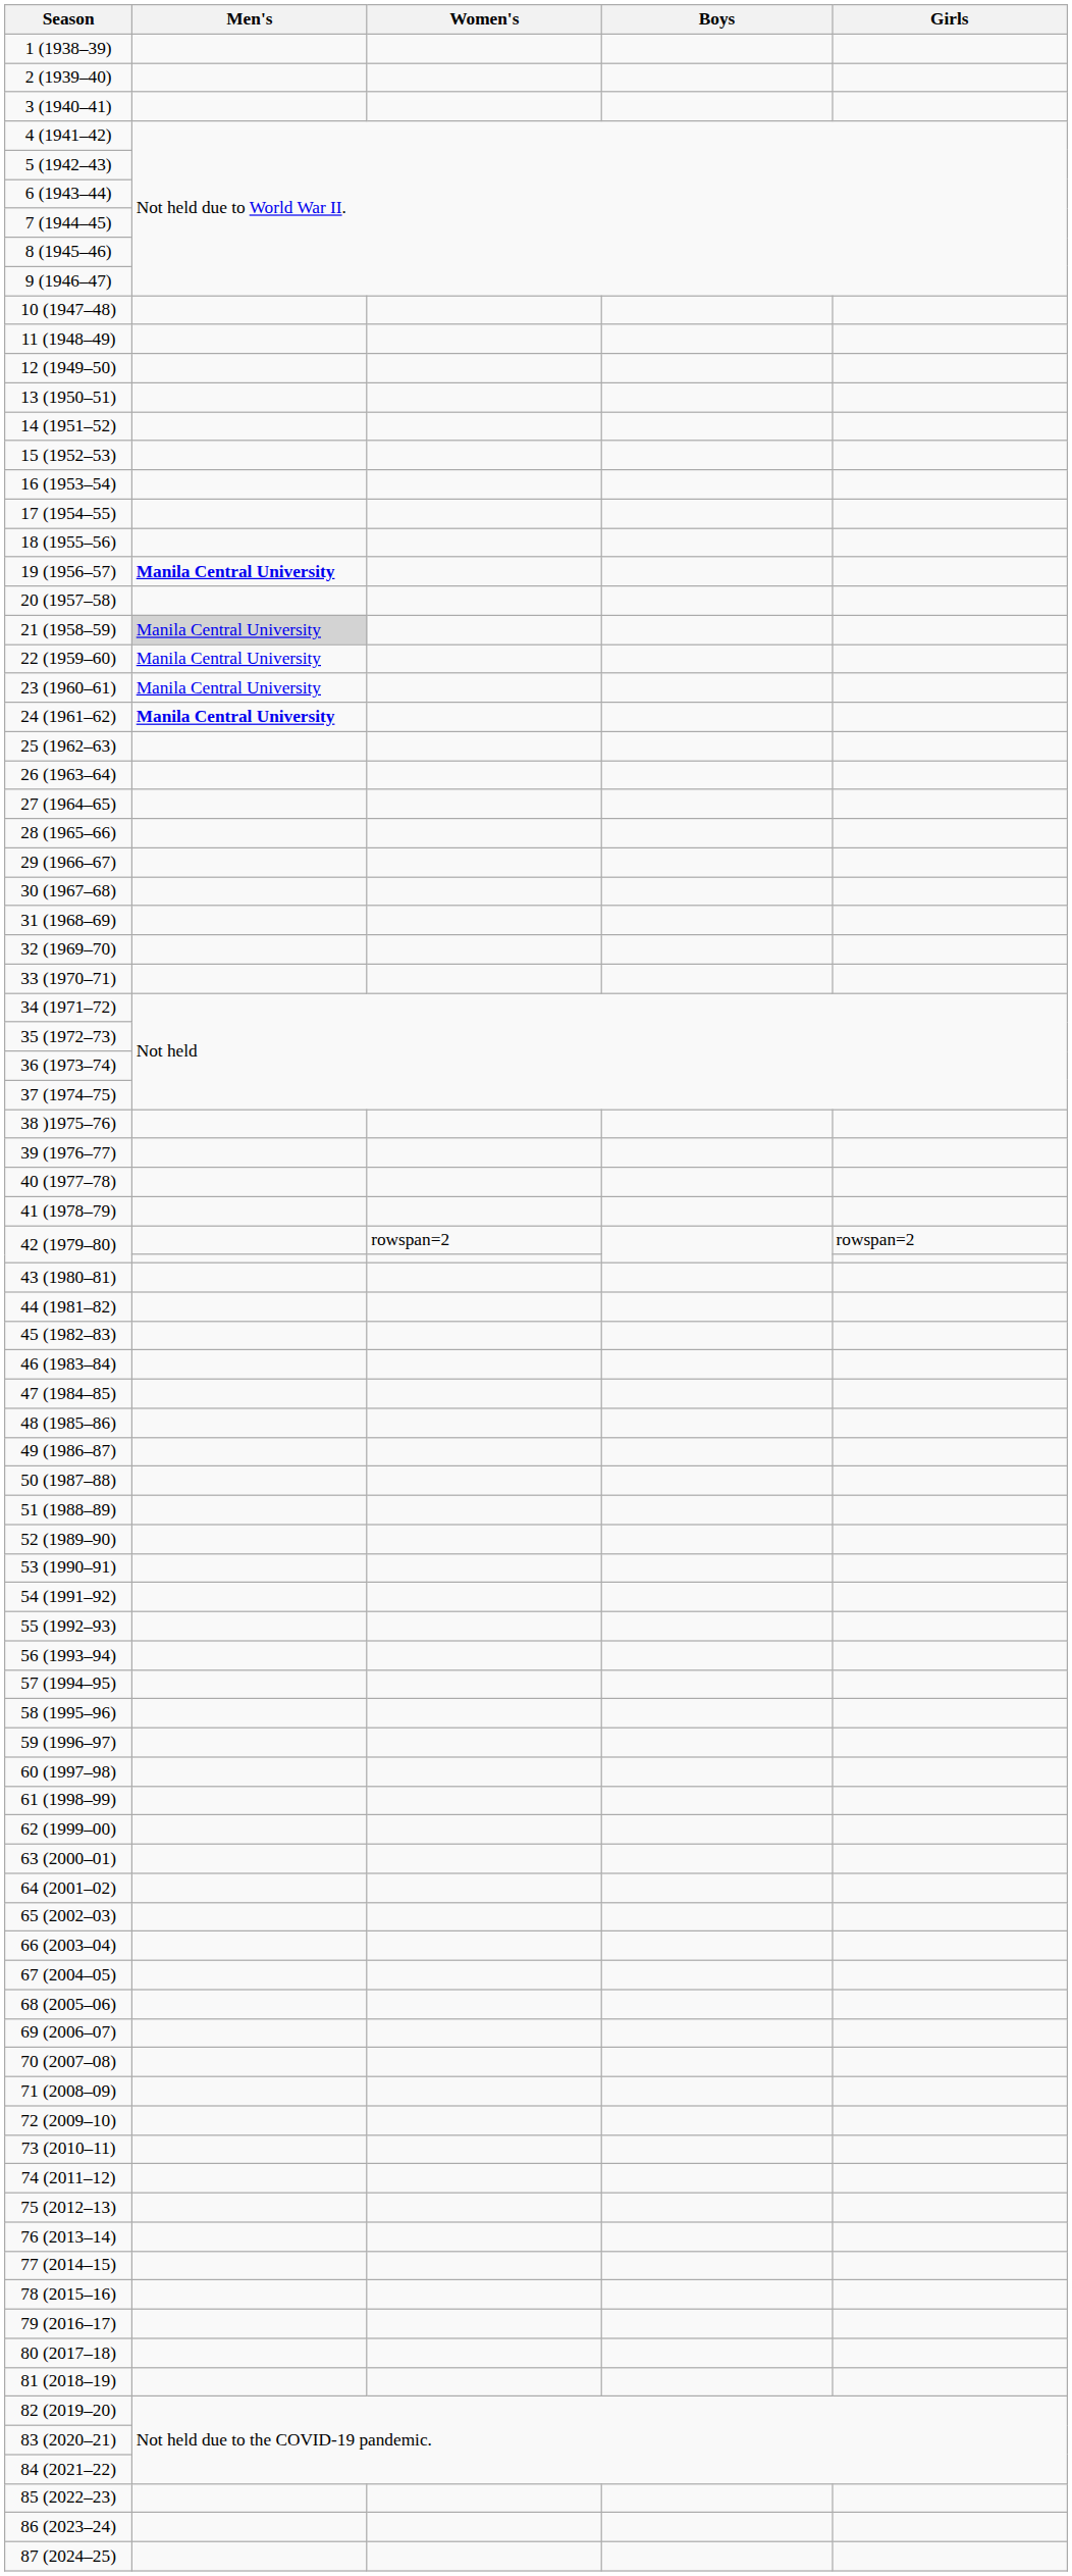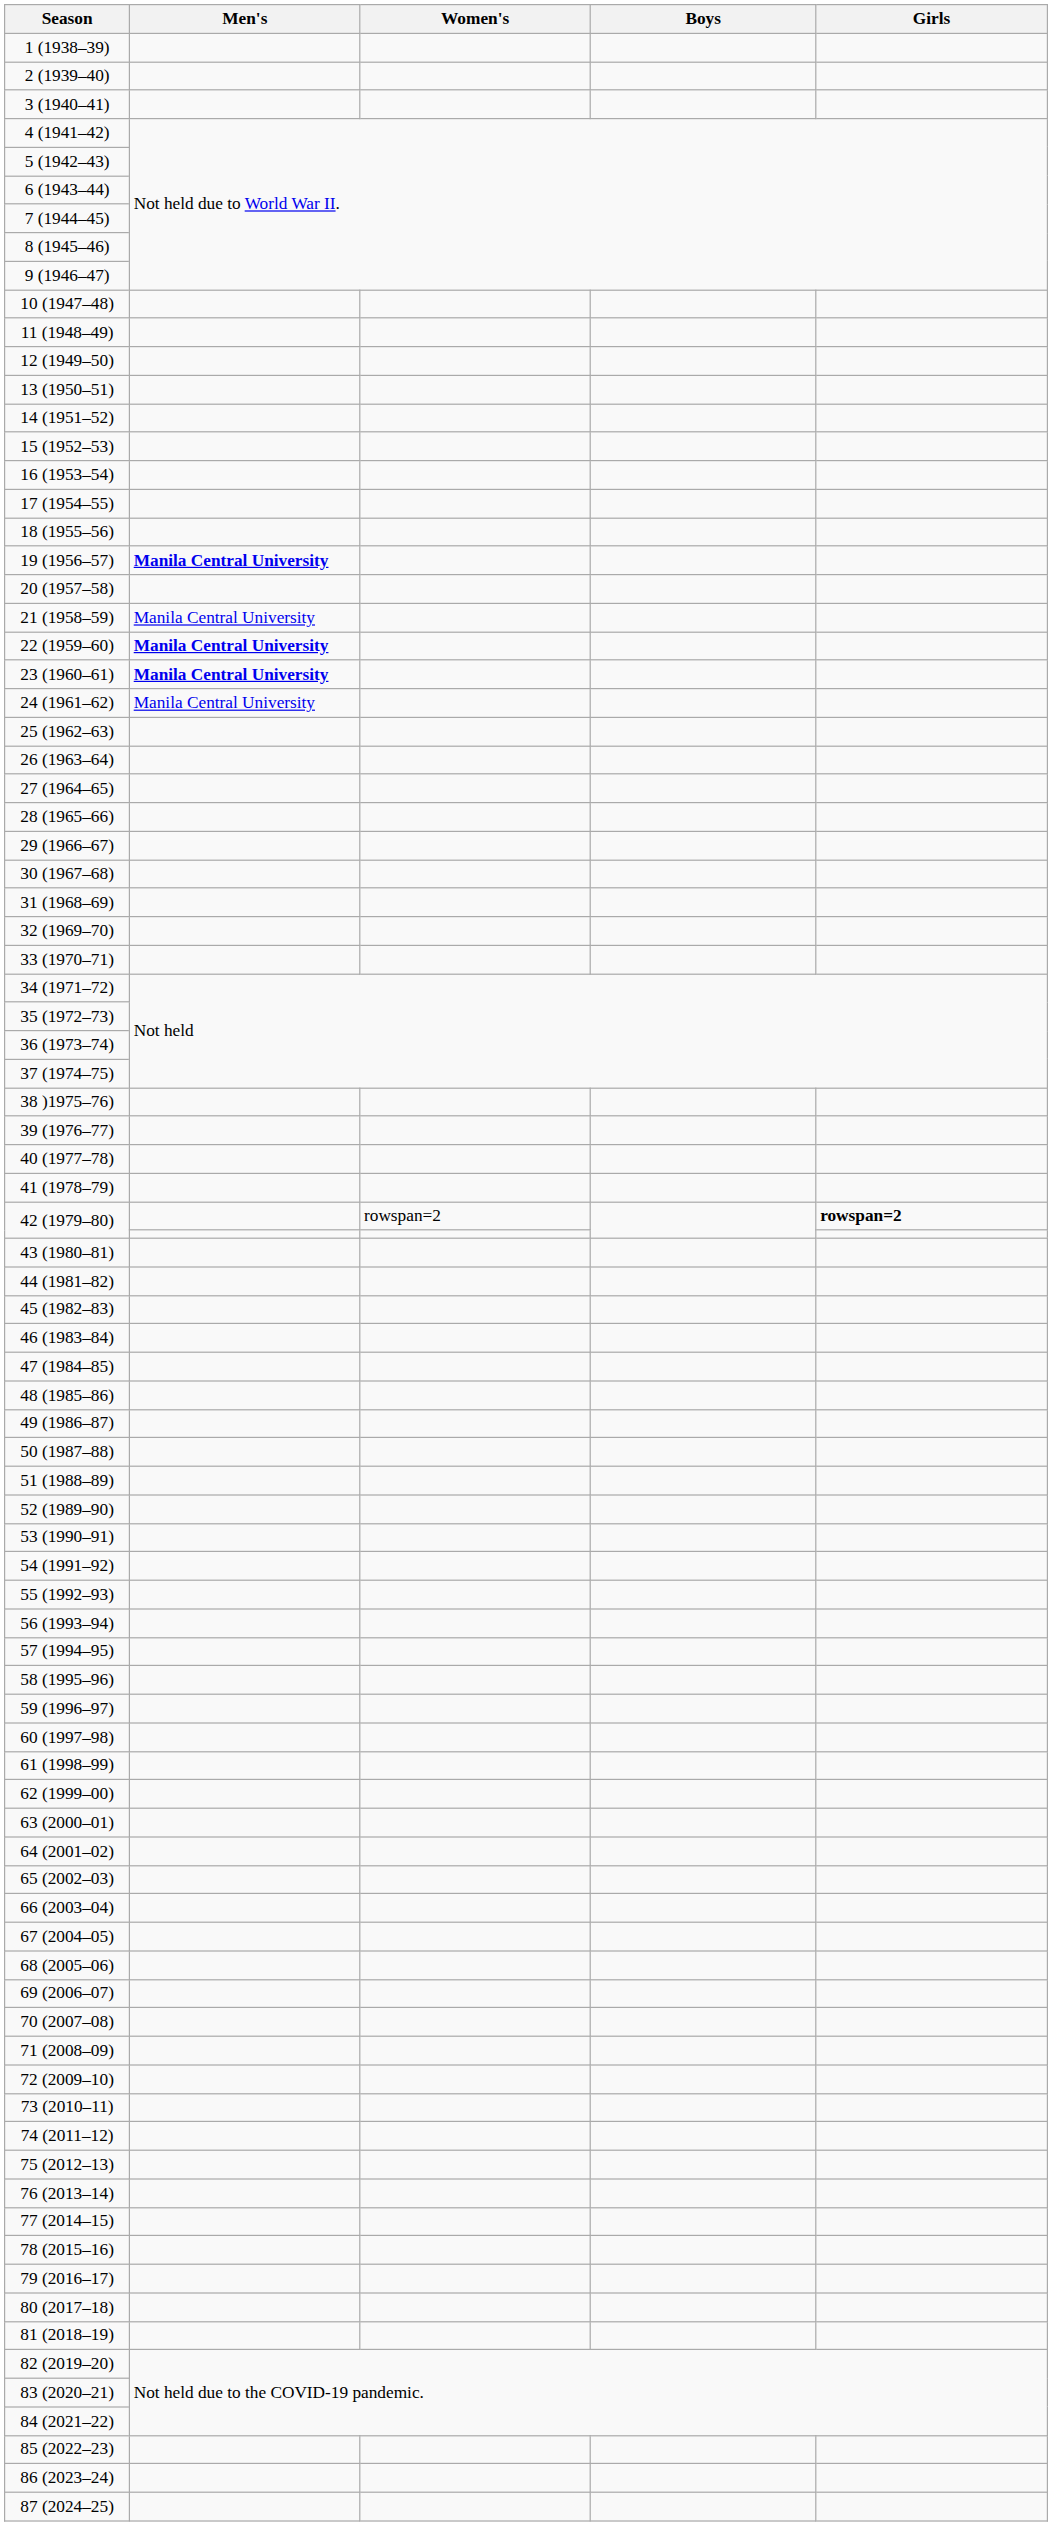 <table class="wikitable" style="font-size:90%;">
 <tr>
 <th width=12%><strong>Season</strong></th>
 <th width="200px"><strong>Men's</strong></th>
 <th width="200px"><strong>Women's</strong></th>
 <th width="200px"><strong>Boys</strong></th>
 <th width="200px"><strong>Girls</strong></th>
 </tr>
 <tr>
 <td align=center>1 (1938–39)</td>
 <td></td>
 <td></td>
 <td></td>
 <td></td>
 </tr>
 <tr>
 <td align=center>2 (1939–40)</td>
 <td></td>
 <td></td>
 <td></td>
 <td></td>
 </tr>
 <tr>
 <td align=center>3 (1940–41)</td>
 <td></td>
 <td></td>
 <td></td>
 <td></td>
 </tr>
 <tr>
 <td align=center>4 (1941–42)</td>
 <td colspan="4" rowspan="6">Not held due to <a href='#'>World War II</a>.</td>
 </tr>
 <tr>
 <td align=center>5 (1942–43)</td>
 </tr>
 <tr>
 <td align=center>6 (1943–44)</td>
 </tr>
 <tr>
 <td align=center>7 (1944–45)</td>
 </tr>
 <tr>
 <td align=center>8 (1945–46)</td>
 </tr>
 <tr>
 <td align=center>9 (1946–47)</td>
 </tr>
 <tr>
 <td align=center>10 (1947–48)</td>
 <td></td>
 <td></td>
 <td></td>
 <td></td>
 </tr>
 <tr>
 <td align=center>11 (1948–49)</td>
 <td></td>
 <td></td>
 <td></td>
 <td></td>
 </tr>
 <tr>
 <td align=center>12 (1949–50)</td>
 <td></td>
 <td></td>
 <td></td>
 <td></td>
 </tr>
 <tr>
 <td align=center>13 (1950–51)</td>
 <td></td>
 <td></td>
 <td></td>
 <td></td>
 </tr>
 <tr>
 <td align=center>14 (1951–52)</td>
 <td></td>
 <td></td>
 <td></td>
 <td></td>
 </tr>
 <tr>
 <td align=center>15 (1952–53)</td>
 <td></td>
 <td></td>
 <td></td>
 <td></td>
 </tr>
 <tr>
 <td align=center>16 (1953–54)</td>
 <td></td>
 <td></td>
 <td></td>
 <td></td>
 </tr>
 <tr>
 <td align=center>17 (1954–55)</td>
 <td></td>
 <td></td>
 <td></td>
 <td></td>
 </tr>
 <tr>
 <td align=center>18 (1955–56)</td>
 <td></td>
 <td></td>
 <td></td>
 <td></td>
 </tr>
 <tr>
 <td align=center>19 (1956–57)</td>
 <td><strong> <a href='#'>Manila Central University</a></strong></td>
 <td></td>
 <td></td>
 <td></td>
 </tr>
 <tr>
 <td align=center>20 (1957–58)</td>
 <td></td>
 <td></td>
 <td></td>
 <td></td>
 </tr>
 <tr>
 <td align=center>21 (1958–59)</td>
-<td style="background: lightgrey;"> <a href='#'>Manila Central University</a></td>
+<td> <a href='#'>Manila Central University</a></td>
 <td></td>
 <td></td>
 <td></td>
 </tr>
 <tr>
 <td align=center>22 (1959–60)</td>
-<td> <a href='#'>Manila Central University</a></td>
+<td><strong> <a href='#'>Manila Central University</a></strong></td>
 <td></td>
 <td></td>
 <td></td>
 </tr>
 <tr>
 <td align=center>23 (1960–61)</td>
-<td> <a href='#'>Manila Central University</a></td>
+<td><strong> <a href='#'>Manila Central University</a></strong></td>
 <td></td>
 <td></td>
 <td></td>
 </tr>
 <tr>
 <td align=center>24 (1961–62)</td>
-<td><strong> <a href='#'>Manila Central University</a></strong></td>
+<td> <a href='#'>Manila Central University</a></td>
 <td></td>
 <td></td>
 <td></td>
 </tr>
 <tr>
 <td align=center>25 (1962–63)</td>
 <td></td>
 <td></td>
 <td></td>
 <td></td>
 </tr>
 <tr>
 <td align=center>26 (1963–64)</td>
 <td></td>
 <td></td>
 <td></td>
 <td></td>
 </tr>
 <tr>
 <td align=center>27 (1964–65)</td>
 <td></td>
 <td></td>
 <td></td>
 <td></td>
 </tr>
 <tr>
 <td align=center>28 (1965–66)</td>
 <td></td>
 <td></td>
 <td></td>
 <td></td>
 </tr>
 <tr>
 <td align=center>29 (1966–67)</td>
 <td></td>
 <td></td>
 <td></td>
 <td></td>
 </tr>
 <tr>
 <td align=center>30 (1967–68)</td>
 <td></td>
 <td></td>
 <td></td>
 <td></td>
 </tr>
 <tr>
 <td align=center>31 (1968–69)</td>
 <td></td>
 <td></td>
 <td></td>
 <td></td>
 </tr>
 <tr>
 <td align=center>32 (1969–70)</td>
 <td></td>
 <td></td>
 <td></td>
 <td></td>
 </tr>
 <tr>
 <td align=center>33 (1970–71)</td>
 <td></td>
 <td></td>
 <td></td>
 <td></td>
 </tr>
 <tr>
 <td align=center>34 (1971–72)</td>
 <td colspan="4" rowspan="4">Not held</td>
 </tr>
 <tr>
 <td align=center>35 (1972–73)</td>
 </tr>
 <tr>
 <td align=center>36 (1973–74)</td>
 </tr>
 <tr>
 <td align=center>37 (1974–75)</td>
 </tr>
 <tr>
 <td align=center>38 )1975–76)</td>
 <td></td>
 <td></td>
 <td></td>
 <td></td>
 </tr>
 <tr>
 <td align=center>39 (1976–77)</td>
 <td></td>
 <td></td>
 <td></td>
 <td></td>
 </tr>
 <tr>
 <td align=center>40 (1977–78)</td>
 <td></td>
 <td></td>
 <td></td>
 <td></td>
 </tr>
 <tr>
 <td align=center>41 (1978–79)</td>
 <td></td>
 <td></td>
 <td></td>
 <td></td>
 </tr>
 <tr>
 <td rowspan=2 align=center>42 (1979–80)</td>
 <td></td>
 <td>rowspan=2 </td>
 <td rowspan="2"></td>
-<td>rowspan=2  </td>
+<td><strong>rowspan=2  </strong></td>
 </tr>
 <tr>
 <td></td>
 </tr>
 <tr>
 <td align=center>43 (1980–81)</td>
 <td></td>
 <td></td>
 <td></td>
 <td></td>
 </tr>
 <tr>
 <td align=center>44 (1981–82)</td>
 <td></td>
 <td></td>
 <td></td>
 <td></td>
 </tr>
 <tr>
 <td align=center>45 (1982–83)</td>
 <td></td>
 <td></td>
 <td></td>
 <td></td>
 </tr>
 <tr>
 <td align=center>46 (1983–84)</td>
 <td></td>
 <td></td>
 <td></td>
 <td></td>
 </tr>
 <tr>
 <td align=center>47 (1984–85)</td>
 <td></td>
 <td></td>
 <td></td>
 <td></td>
 </tr>
 <tr>
 <td align=center>48 (1985–86)</td>
 <td></td>
 <td></td>
 <td></td>
 <td></td>
 </tr>
 <tr>
 <td align=center>49 (1986–87)</td>
 <td></td>
 <td></td>
 <td></td>
 <td></td>
 </tr>
 <tr>
 <td align=center>50 (1987–88)</td>
 <td></td>
 <td></td>
 <td></td>
 <td></td>
 </tr>
 <tr>
 <td align=center>51 (1988–89)</td>
 <td></td>
 <td></td>
 <td></td>
 <td></td>
 </tr>
 <tr>
 <td align=center>52 (1989–90)</td>
 <td></td>
 <td></td>
 <td></td>
 <td></td>
 </tr>
 <tr>
 <td align=center>53 (1990–91)</td>
 <td></td>
 <td></td>
 <td></td>
 <td></td>
 </tr>
 <tr>
 <td align=center>54 (1991–92)</td>
 <td></td>
 <td></td>
 <td></td>
 <td></td>
 </tr>
 <tr>
 <td align=center>55 (1992–93)</td>
 <td></td>
 <td></td>
 <td></td>
 <td></td>
 </tr>
 <tr>
 <td align=center>56 (1993–94)</td>
 <td></td>
 <td></td>
 <td></td>
 <td></td>
 </tr>
 <tr>
 <td align=center>57 (1994–95)</td>
 <td></td>
 <td></td>
 <td></td>
 <td></td>
 </tr>
 <tr>
 <td align=center>58 (1995–96)</td>
 <td></td>
 <td></td>
 <td></td>
 <td></td>
 </tr>
 <tr>
 <td align=center>59 (1996–97)</td>
 <td></td>
 <td></td>
 <td></td>
 <td></td>
 </tr>
 <tr>
 <td align=center>60 (1997–98)</td>
 <td></td>
 <td></td>
 <td></td>
 <td></td>
 </tr>
 <tr>
 <td align=center>61 (1998–99)</td>
 <td></td>
 <td></td>
 <td></td>
 <td></td>
 </tr>
 <tr>
 <td align=center>62 (1999–00)</td>
 <td></td>
 <td></td>
 <td></td>
 <td></td>
 </tr>
 <tr>
 <td align=center>63 (2000–01)</td>
 <td></td>
 <td></td>
 <td></td>
 <td></td>
 </tr>
 <tr>
 <td align=center>64 (2001–02)</td>
 <td></td>
 <td></td>
 <td></td>
 <td></td>
 </tr>
 <tr>
 <td align=center>65 (2002–03)</td>
 <td></td>
 <td></td>
 <td></td>
 <td></td>
 </tr>
 <tr>
 <td align=center>66 (2003–04)</td>
 <td></td>
 <td></td>
 <td></td>
 <td></td>
 </tr>
 <tr>
 <td align=center>67 (2004–05)</td>
 <td></td>
 <td></td>
 <td></td>
 <td></td>
 </tr>
 <tr>
 <td align=center>68 (2005–06)</td>
 <td></td>
 <td></td>
 <td></td>
 <td></td>
 </tr>
 <tr>
 <td align=center>69 (2006–07)</td>
 <td></td>
 <td></td>
 <td></td>
 <td></td>
 </tr>
 <tr>
 <td align=center>70 (2007–08)</td>
 <td></td>
 <td></td>
 <td></td>
 <td></td>
 </tr>
 <tr>
 <td align=center>71 (2008–09)</td>
 <td></td>
 <td></td>
 <td></td>
 <td></td>
 </tr>
 <tr>
 <td align=center>72 (2009–10)</td>
 <td></td>
 <td></td>
 <td></td>
 <td></td>
 </tr>
 <tr>
 <td align=center>73 (2010–11)</td>
 <td></td>
 <td></td>
 <td></td>
 <td></td>
 </tr>
 <tr>
 <td align=center>74 (2011–12)</td>
 <td></td>
 <td></td>
 <td></td>
 <td></td>
 </tr>
 <tr>
 <td align=center>75 (2012–13)</td>
 <td></td>
 <td></td>
 <td></td>
 <td></td>
 </tr>
 <tr>
 <td align=center>76 (2013–14)</td>
 <td></td>
 <td></td>
 <td></td>
 <td></td>
 </tr>
 <tr>
 <td align=center>77 (2014–15)</td>
 <td></td>
 <td></td>
 <td></td>
 <td></td>
 </tr>
 <tr>
 <td align=center>78 (2015–16)</td>
 <td></td>
 <td></td>
 <td></td>
 <td></td>
 </tr>
 <tr>
 <td align=center>79 (2016–17)</td>
 <td></td>
 <td></td>
 <td></td>
 <td></td>
 </tr>
 <tr>
 <td align=center>80 (2017–18)</td>
 <td></td>
 <td></td>
 <td></td>
 <td></td>
 </tr>
 <tr>
 <td align=center>81 (2018–19)</td>
 <td></td>
 <td></td>
 <td></td>
 <td></td>
 </tr>
 <tr>
 <td align=center>82 (2019–20)</td>
 <td colspan="4" rowspan="3">Not held due to the COVID-19 pandemic.</td>
 </tr>
 <tr>
 <td align=center>83 (2020–21)</td>
 </tr>
 <tr>
 <td align=center>84 (2021–22)</td>
 </tr>
 <tr>
 <td align=center>85 (2022–23)</td>
 <td></td>
 <td></td>
 <td></td>
 <td></td>
 </tr>
 <tr>
 <td align=center>86 (2023–24)</td>
 <td></td>
 <td></td>
 <td></td>
 <td></td>
 </tr>
 <tr>
 <td align=center>87 (2024–25)</td>
 <td></td>
 <td></td>
 <td></td>
 <td></td>
 </tr>
 </table>
